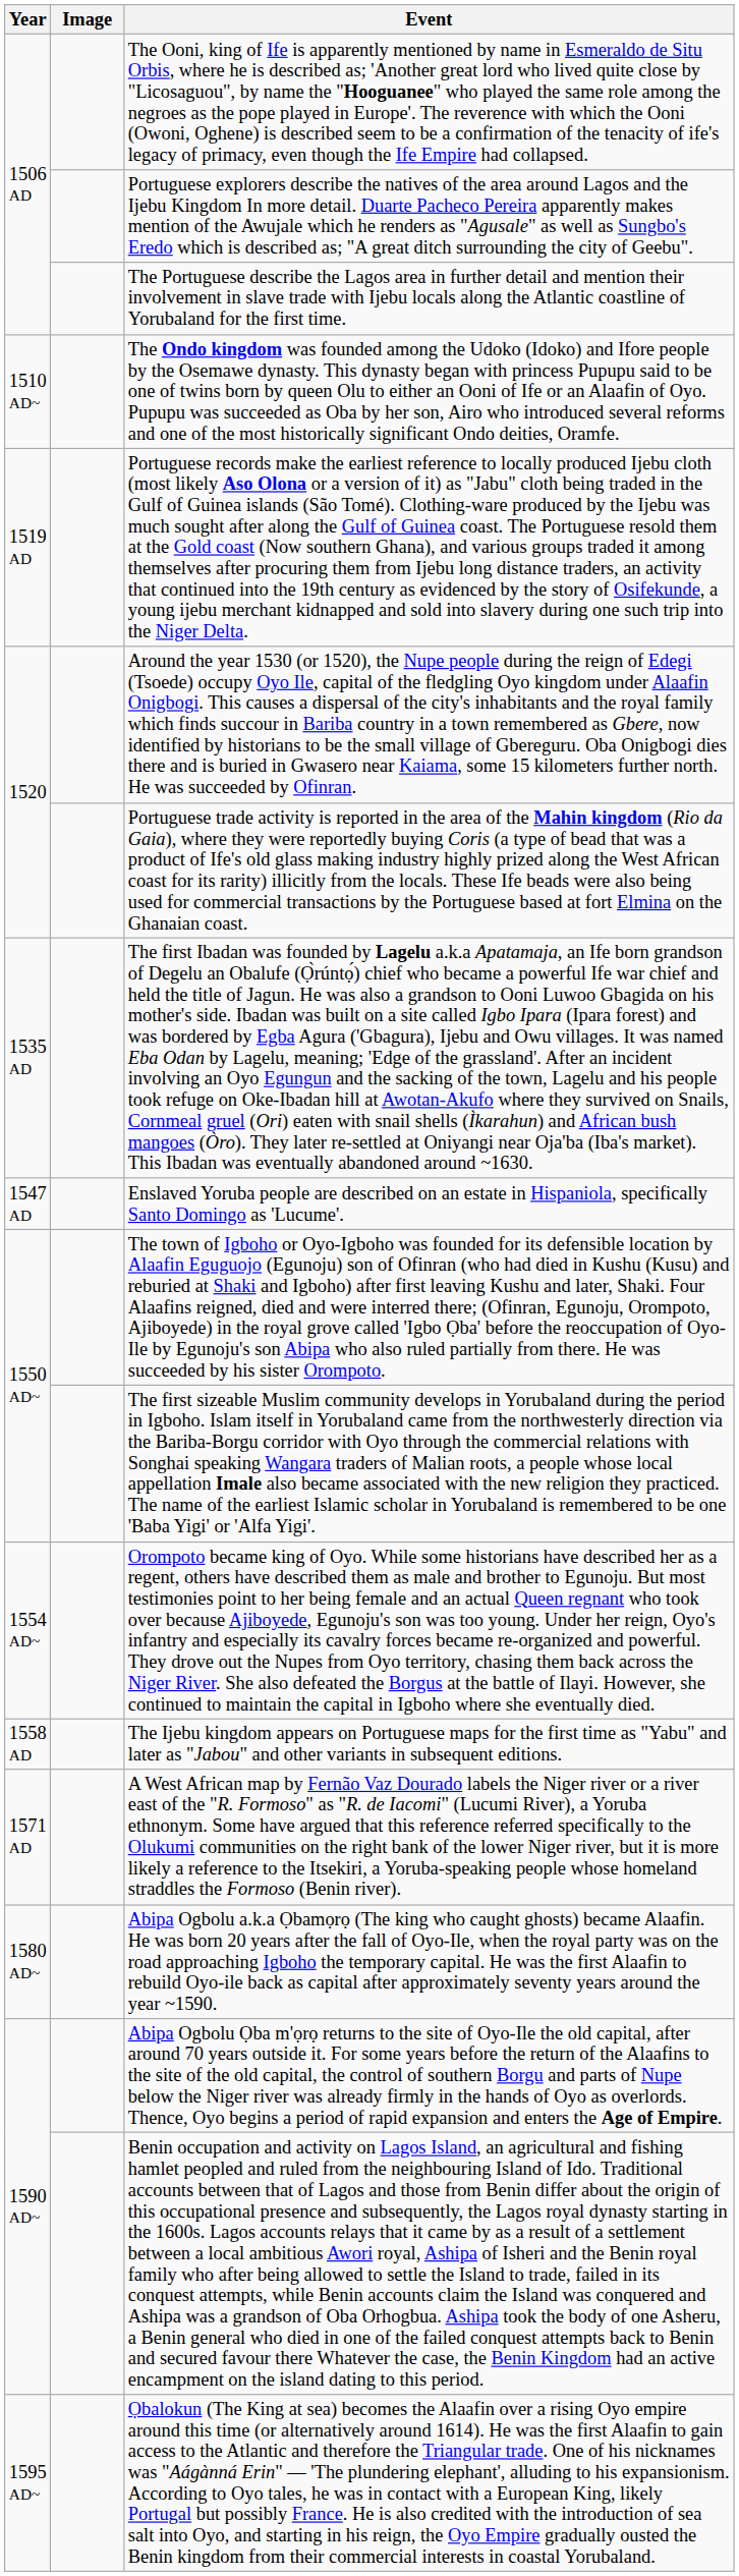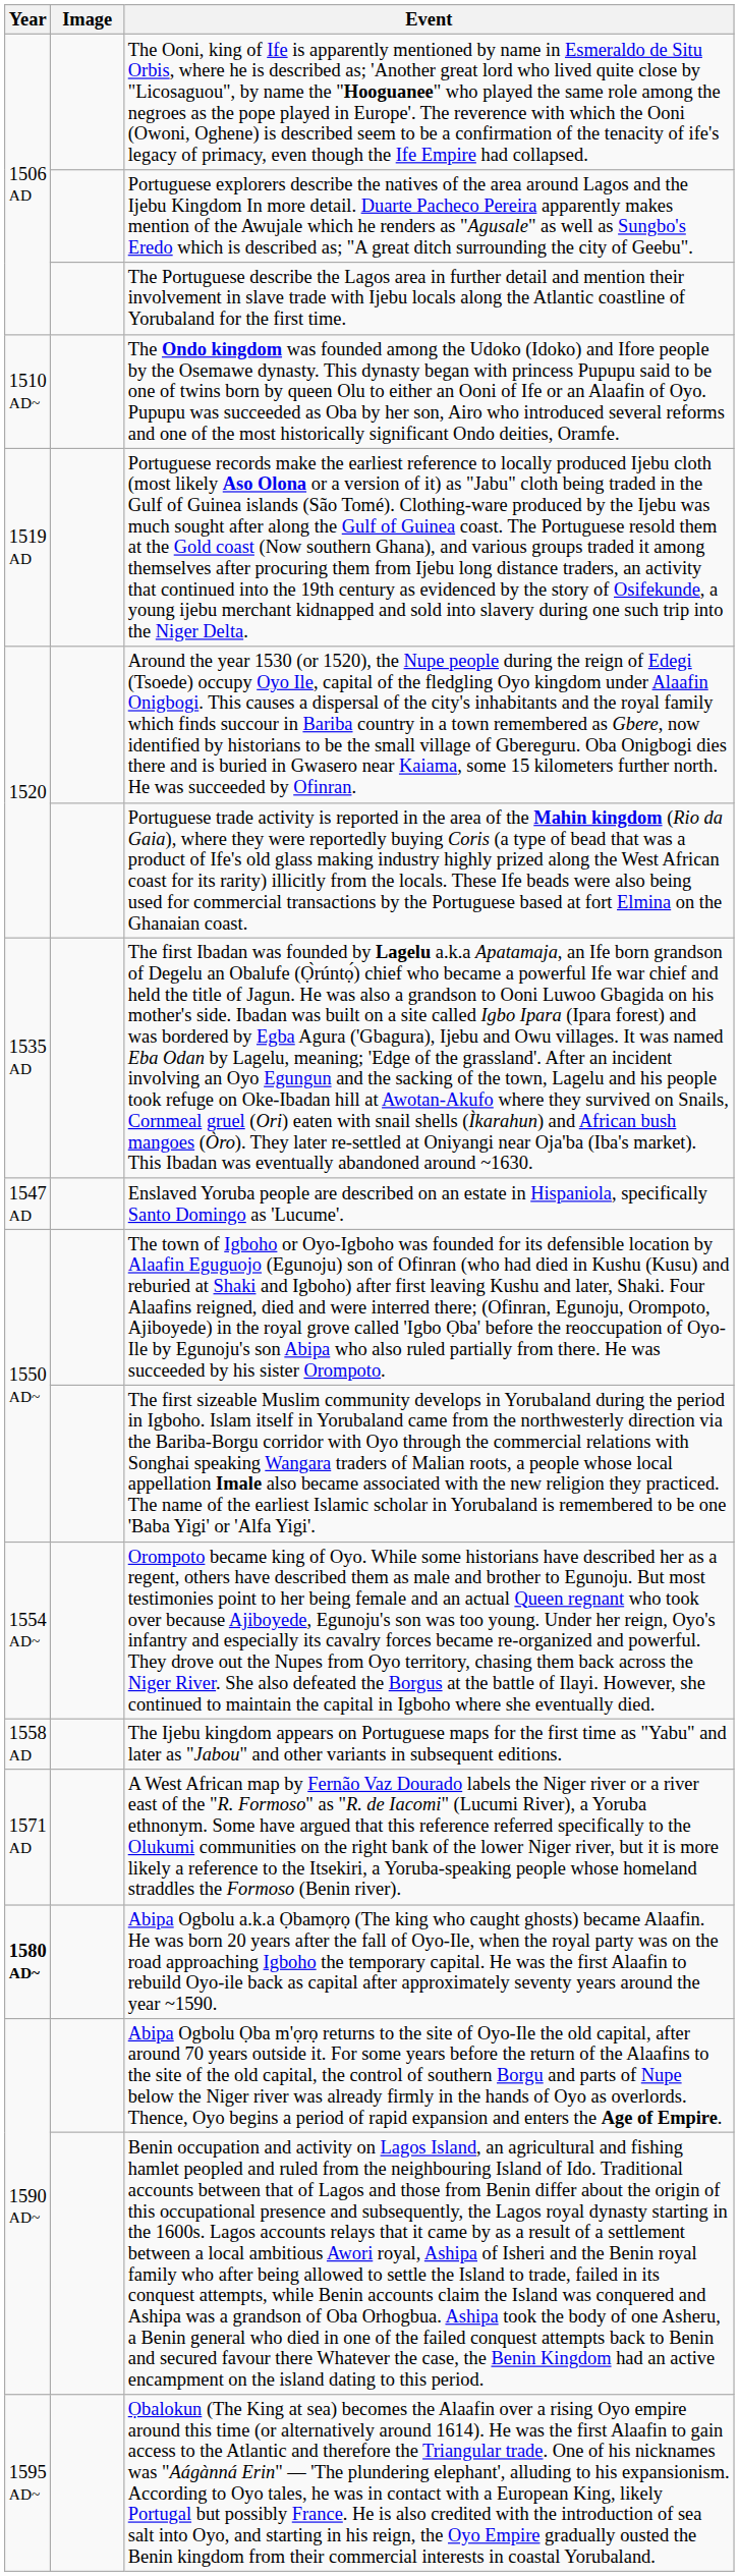 <table class="wikitable" width="100%">
 <tr>
 <th style="width:6%">Year</th>
 <th style="width:10%">Image</th>
 <th>Event</th>
 </tr>
 <tr>
 <td rowspan="3" valign="middle">1506 <small>AD</small></td>
 <td></td>
 <td>The Ooni, king of <a href='#'>Ife</a> is apparently mentioned by name in <a href='#'>Esmeraldo de Situ Orbis</a>, where he is described as; 'Another great lord who lived quite close by "Licosaguou", by name the "<strong>Hooguanee</strong>" who played the same role among the negroes as the pope played in Europe'. The reverence with which the Ooni (Owoni, Oghene) is described seem to be a confirmation of the tenacity of ife's legacy of primacy, even though the <a href='#'>Ife Empire</a> had collapsed.</td>
 </tr>
 <tr>
 <td></td>
 <td>Portuguese explorers describe the natives of the area around Lagos and the Ijebu Kingdom In more detail. <a href='#'>Duarte Pacheco Pereira</a> apparently makes mention of the Awujale which he renders as "<em>Agusale</em>" as well as <a href='#'>Sungbo's Eredo</a> which is described as; "A great ditch surrounding the city of Geebu".</td>
 </tr>
 <tr>
 <td></td>
 <td>The Portuguese describe the Lagos area in further detail and mention their involvement in slave trade with Ijebu locals along the Atlantic coastline of Yorubaland for the first time.</td>
 </tr>
 <tr>
 <td>1510 <small>AD~</small></td>
 <td></td>
 <td>The <strong><a href='#'>Ondo kingdom</a></strong> was founded among the Udoko (Idoko) and Ifore people by the Osemawe dynasty. This dynasty began with princess Pupupu said to be one of twins born by queen Olu to either an Ooni of Ife or an Alaafin of Oyo. Pupupu was succeeded as Oba by her son, Airo who introduced several reforms and one of the most historically significant Ondo deities, Oramfe.</td>
 </tr>
 <tr>
 <td>1519 <small>AD</small></td>
 <td></td>
 <td>Portuguese records make the earliest reference to locally produced Ijebu cloth (most likely <strong><a href='#'>Aso Olona</a></strong> or a version of it) as "Jabu" cloth being traded in the Gulf of Guinea islands (São Tomé). Clothing-ware produced by the Ijebu was much sought after along the <a href='#'>Gulf of Guinea</a> coast. The Portuguese resold them at the <a href='#'>Gold coast</a> (Now southern Ghana), and various groups traded it among themselves after procuring them from Ijebu long distance traders, an activity that continued into the 19th century as evidenced by the story of <a href='#'>Osifekunde</a>, a young ijebu merchant kidnapped and sold into slavery during one such trip into the <a href='#'>Niger Delta</a>.</td>
 </tr>
 <tr>
 <td rowspan="2" valign="middle">1520</td>
 <td></td>
 <td>Around the year 1530 (or 1520), the <a href='#'>Nupe people</a> during the reign of <a href='#'>Edegi</a> (Tsoede) occupy <a href='#'>Oyo Ile</a>, capital of the fledgling Oyo kingdom under <a href='#'>Alaafin Onigbogi</a>. This causes a dispersal of the city's inhabitants and the royal family which finds succour in <a href='#'>Bariba</a> country in a town remembered as <em>Gbere</em>, now identified by historians to be the small village of Gbereguru. Oba Onigbogi dies there and is buried in Gwasero near <a href='#'>Kaiama</a>, some 15 kilometers further north. He was succeeded by <a href='#'>Ofinran</a>.</td>
 </tr>
 <tr>
 <td></td>
 <td>Portuguese trade activity is reported in the area of the <strong><a href='#'>Mahin kingdom</a></strong> (<em>Rio da Gaia</em>), where they were reportedly buying <em>Coris</em> (a type of bead that was a product of Ife's old glass making industry highly prized along the West African coast for its rarity) illicitly from the locals. These Ife beads were also being used for commercial transactions by the Portuguese based at fort <a href='#'>Elmina</a> on the Ghanaian coast.</td>
 </tr>
 <tr>
 <td>1535 <small>AD</small></td>
 <td><small></small></td>
 <td>The first Ibadan was founded by <strong>Lagelu</strong> a.k.a <em>Apatamaja</em>, an Ife born grandson of Degelu an Obalufe (Ọ̀rúntọ́) chief who became a powerful Ife war chief and held the title of Jagun. He was also a grandson to Ooni Luwoo Gbagida on his mother's side. Ibadan was built on a site called <em>Igbo Ipara</em> (Ipara forest) and was bordered by <a href='#'>Egba</a> Agura ('Gbagura), Ijebu and Owu villages. It was named <em>Eba Odan</em> by Lagelu, meaning; 'Edge of the grassland'. After an incident involving an Oyo <a href='#'>Egungun</a> and the sacking of the town, Lagelu and his people took refuge on Oke-Ibadan hill at <a href='#'>Awotan-Akufo</a> where they survived on Snails, <a href='#'>Cornmeal</a> <a href='#'>gruel</a> (<em>Ori</em>) eaten with snail shells (<em>Ìkarahun</em>) and <a href='#'>African bush mangoes</a> (<em>Òro</em>). They later re-settled at Oniyangi near Oja'ba (Iba's market). This Ibadan was eventually abandoned around ~1630.</td>
 </tr>
 <tr>
 <td>1547 <small>AD</small></td>
 <td></td>
 <td>Enslaved Yoruba people are described on an estate in <a href='#'>Hispaniola</a>, specifically <a href='#'>Santo Domingo</a> as 'Lucume'.</td>
 </tr>
 <tr>
 <td rowspan="2" valign="middle">1550 <small>AD~</small></td>
 <td></td>
 <td>The town of <a href='#'>Igboho</a> or Oyo-Igboho was founded for its defensible location by <a href='#'>Alaafin Eguguojo</a> (Egunoju) son of Ofinran (who had died in Kushu (Kusu) and reburied at <a href='#'>Shaki</a> and Igboho) after first leaving Kushu and later, Shaki. Four Alaafins reigned, died and were interred there; (Ofinran, Egunoju, Orompoto, Ajiboyede) in the royal grove called 'Igbo Ọba' before the reoccupation of Oyo-Ile by Egunoju's son <a href='#'>Abipa</a> who also ruled partially from there. He was succeeded by his sister <a href='#'>Orompoto</a>.</td>
 </tr>
 <tr>
 <td></td>
 <td>The first sizeable Muslim community develops in Yorubaland during the period in Igboho. Islam itself in Yorubaland came from the northwesterly direction via the Bariba-Borgu corridor with Oyo through the commercial relations with Songhai speaking <a href='#'>Wangara</a> traders of Malian roots, a people whose local appellation <strong>Imale</strong> also became associated with the new religion they practiced. The name of the earliest Islamic scholar in Yorubaland is remembered to be one 'Baba Yigi' or 'Alfa Yigi'.</td>
 </tr>
 <tr>
 <td>1554 <small>AD~</small></td>
 <td></td>
 <td><a href='#'>Orompoto</a> became king of Oyo. While some historians have described her as a regent, others have described them as male and brother to Egunoju. But most testimonies point to her being female and an actual <a href='#'>Queen regnant</a> who took over because <a href='#'>Ajiboyede</a>, Egunoju's son was too young. Under her reign, Oyo's infantry and especially its cavalry forces became re-organized and powerful. They drove out the Nupes from Oyo territory, chasing them back across the <a href='#'>Niger River</a>. She also defeated the <a href='#'>Borgus</a> at the battle of Ilayi. However, she continued to maintain the capital in Igboho where she eventually died.</td>
 </tr>
 <tr>
 <td>1558 <small>AD</small></td>
 <td></td>
 <td>The Ijebu kingdom appears on Portuguese maps for the first time as "Yabu" and later as "<em>Jabou</em>" and other variants in subsequent editions.</td>
 </tr>
 <tr>
 <td>1571 <small>AD</small></td>
 <td></td>
 <td>A West African map by <a href='#'>Fernão Vaz Dourado</a> labels the Niger river or a river east of the "<em>R. Formoso</em>"  as "<em>R. de Iacomi</em>" (Lucumi River), a Yoruba ethnonym. Some have argued that this reference referred specifically to the <a href='#'>Olukumi</a> communities on the right bank of the lower Niger river, but it is more likely a reference to the Itsekiri, a Yoruba-speaking people whose homeland straddles the <em>Formoso</em> (Benin river).</td>
 </tr>
 <tr>
-<td>1580 <small>AD~</small></td>
+<td><strong>1580 <small>AD~</small></strong></td>
 <td><small></small></td>
 <td><a href='#'>Abipa</a> Ogbolu a.k.a Ọbamọrọ (The king who caught ghosts) became Alaafin. He was born 20 years after the fall of Oyo-Ile, when the royal party was on the road approaching <a href='#'>Igboho</a> the temporary capital. He was the first Alaafin to rebuild Oyo-ile back as capital after approximately seventy years around the year ~1590.</td>
 </tr>
 <tr>
 <td rowspan="2" valign="middle">1590 <small>AD~</small></td>
 <td></td>
 <td><a href='#'>Abipa</a> Ogbolu Ọba m'ọrọ returns to the site of Oyo-Ile the old capital, after around 70 years outside it. For some years before the return of the Alaafins to the site of the old capital, the control of southern <a href='#'>Borgu</a> and parts of <a href='#'>Nupe</a> below the Niger river was already firmly in the hands of Oyo as overlords. Thence, Oyo begins a period of rapid expansion and enters the <strong>Age of Empire</strong>.</td>
 </tr>
 <tr>
 <td><small></small></td>
 <td>Benin occupation and activity on <a href='#'>Lagos Island</a>, an agricultural and fishing hamlet peopled and ruled from the neighbouring Island of Ido. Traditional accounts between that of Lagos and those from Benin differ about the origin of this occupational presence and subsequently, the Lagos royal dynasty starting in the 1600s. Lagos accounts relays that it came by as a result of a settlement between a local ambitious <a href='#'>Awori</a> royal, <a href='#'>Ashipa</a> of Isheri and the Benin royal family who after being allowed to settle the Island to trade, failed in its conquest attempts, while Benin accounts claim the Island was conquered and Ashipa was a grandson of Oba Orhogbua. <a href='#'>Ashipa</a> took the body of one Asheru, a Benin general who died in one of the failed conquest attempts back to Benin and secured favour there  Whatever the case, the <a href='#'>Benin Kingdom</a> had an active encampment on the island dating to this period.</td>
 </tr>
 <tr>
 <td>1595 <small>AD~</small></td>
 <td></td>
 <td><a href='#'>Ọbalokun</a> (The King at sea) becomes the Alaafin over a rising Oyo empire around this time (or alternatively around 1614). He was the first Alaafin to gain access to the Atlantic and therefore the <a href='#'>Triangular trade</a>. One of his nicknames was "<em>Aágànná Erin</em>" — 'The plundering elephant', alluding to his expansionism. According to Oyo tales, he was in contact with a European King, likely <a href='#'>Portugal</a> but possibly <a href='#'>France</a>. He is also credited with the introduction of sea salt into Oyo, and starting in his reign, the <a href='#'>Oyo Empire</a> gradually ousted the Benin kingdom from their commercial interests in coastal Yorubaland.</td>
 </tr>
 </table>
